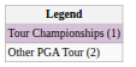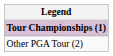 <table class="wikitable" style="font-size:95%;">
 <tr>
 <th>Legend</th>
 </tr>
 <tr style="background:thistle;">
-<td>Tour Championships (1)</td>
+<td><strong>Tour Championships (1)</strong></td>
 </tr>
 <tr>
 <td>Other PGA Tour (2)</td>
 </tr>
 </table>
